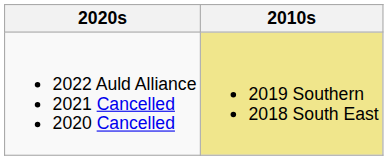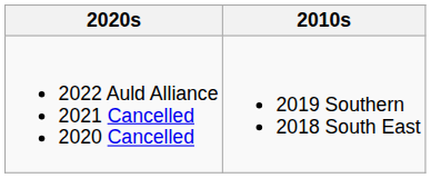 <table class="wikitable">
 <tr>
 <th>2020s</th>
 <th>2010s</th>
 </tr>
 <tr>
 <td><br><ul><li>2022	Auld Alliance</li><li>2021	<a href='#'>Cancelled</a></li><li>2020	<a href='#'>Cancelled</a></li></ul></td>
-<td style="background: khaki;"><br><ul><li>2019	Southern</li><li>2018	South East</li></ul></td>
+<td><br><ul><li>2019	Southern</li><li>2018	South East</li></ul></td>
 </tr>
 </table>
